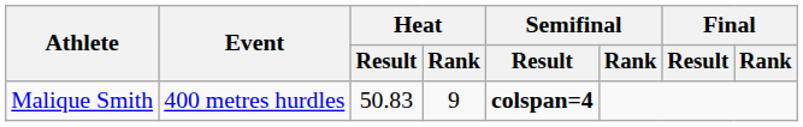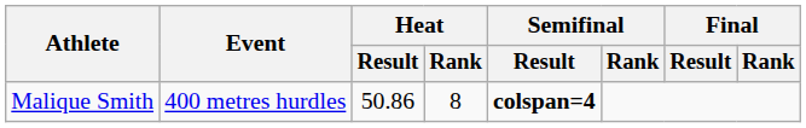 <table class="wikitable" style="font-size:90%">
 <tr>
 <th rowspan="2">Athlete</th>
 <th rowspan="2">Event</th>
 <th colspan="2">Heat</th>
 <th colspan="2">Semifinal</th>
 <th colspan="2">Final</th>
 </tr>
 <tr style="font-size:95%">
 <th>Result</th>
 <th>Rank</th>
 <th>Result</th>
 <th>Rank</th>
 <th>Result</th>
 <th>Rank</th>
 </tr>
 <tr align=center>
 <td align=left><a href='#'>Malique Smith</a></td>
 <td align=left><a href='#'>400 metres hurdles</a></td>
-<td>50.83</td>
-<td>9</td>
+<td>50.86</td>
+<td>8</td>
 <td><strong>colspan=4 </strong></td>
 </tr>
 </table>
